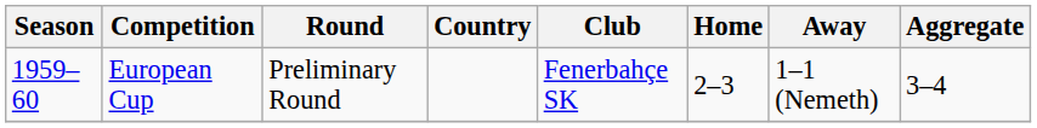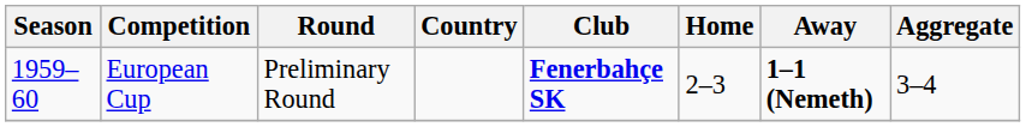 <table class="wikitable">
 <tr>
 <th>Season</th>
 <th>Competition</th>
 <th>Round</th>
 <th>Country</th>
 <th>Club</th>
 <th>Home</th>
 <th>Away</th>
 <th>Aggregate</th>
 </tr>
 <tr>
 <td><a href='#'>1959–60</a></td>
 <td><a href='#'>European Cup</a></td>
 <td>Preliminary Round</td>
 <td></td>
-<td><a href='#'>Fenerbahçe SK</a></td>
+<td><strong><a href='#'>Fenerbahçe SK</a></strong></td>
 <td>2–3</td>
-<td>1–1 (Nemeth)</td>
+<td><strong>1–1 (Nemeth)</strong></td>
 <td>3–4</td>
 </tr>
 <tr>
 </tr>
 </table>
